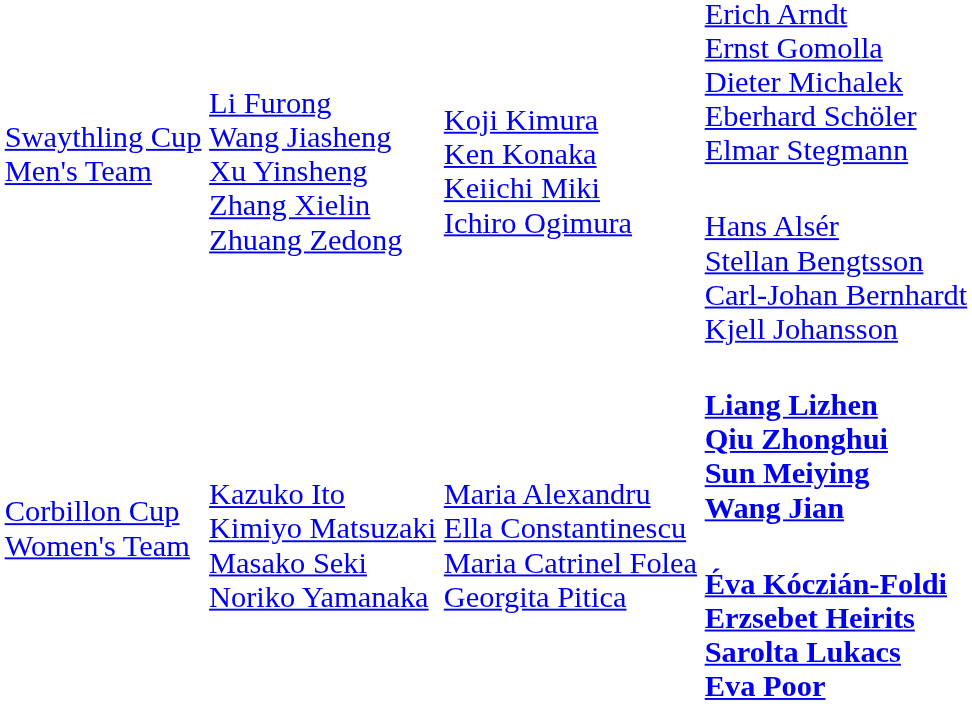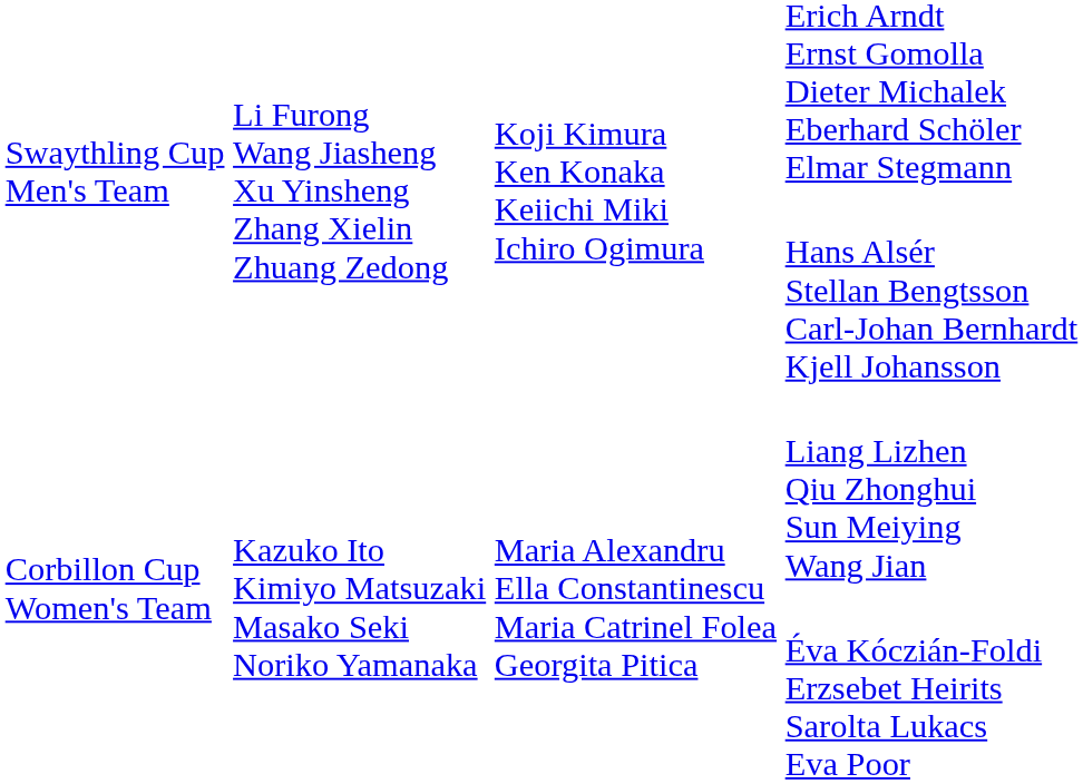 <table>
 <tr>
 <td rowspan=2><a href='#'>Swaythling Cup<br>Men's Team</a></td>
 <td rowspan=2><br><a href='#'>Li Furong</a><br><a href='#'>Wang Jiasheng</a><br><a href='#'>Xu Yinsheng</a><br><a href='#'>Zhang Xielin</a><br><a href='#'>Zhuang Zedong</a></td>
 <td rowspan=2><br><a href='#'>Koji Kimura</a><br><a href='#'>Ken Konaka</a><br><a href='#'>Keiichi Miki</a><br><a href='#'>Ichiro Ogimura</a></td>
 <td><br><a href='#'>Erich Arndt</a><br><a href='#'>Ernst Gomolla</a><br><a href='#'>Dieter Michalek</a><br><a href='#'>Eberhard Schöler</a><br><a href='#'>Elmar Stegmann</a></td>
 </tr>
 <tr>
 <td><br><a href='#'>Hans Alsér</a><br><a href='#'>Stellan Bengtsson</a><br><a href='#'>Carl-Johan Bernhardt</a><br><a href='#'>Kjell Johansson</a></td>
 </tr>
 <tr>
 <td rowspan=2><a href='#'>Corbillon Cup<br>Women's Team</a></td>
 <td rowspan=2><br><a href='#'>Kazuko Ito</a><br><a href='#'>Kimiyo Matsuzaki</a><br><a href='#'>Masako Seki</a><br><a href='#'>Noriko Yamanaka</a></td>
 <td rowspan=2><br><a href='#'>Maria Alexandru</a><br><a href='#'>Ella Constantinescu</a><br><a href='#'>Maria Catrinel Folea</a><br><a href='#'>Georgita Pitica</a></td>
-<td><strong><br><a href='#'>Liang Lizhen</a><br><a href='#'>Qiu Zhonghui</a><br><a href='#'>Sun Meiying</a><br><a href='#'>Wang Jian</a></strong></td>
+<td><br><a href='#'>Liang Lizhen</a><br><a href='#'>Qiu Zhonghui</a><br><a href='#'>Sun Meiying</a><br><a href='#'>Wang Jian</a></td>
 </tr>
 <tr>
-<td><strong><br><a href='#'>Éva Kóczián-Foldi</a><br><a href='#'>Erzsebet Heirits</a><br><a href='#'>Sarolta Lukacs</a><br><a href='#'>Eva Poor</a></strong></td>
+<td><br><a href='#'>Éva Kóczián-Foldi</a><br><a href='#'>Erzsebet Heirits</a><br><a href='#'>Sarolta Lukacs</a><br><a href='#'>Eva Poor</a></td>
 </tr>
 </table>
